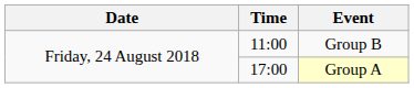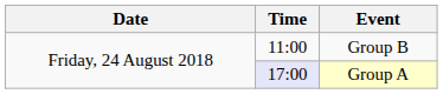 <table class="wikitable" style="text-align:center;">
 <tr>
 <th width="220">Date</th>
 <th width="50">Time</th>
 <th width="100">Event</th>
 </tr>
 <tr>
 <td rowspan="2">Friday, 24 August 2018</td>
 <td>11:00</td>
 <td>Group B</td>
 </tr>
 <tr>
-<td>17:00</td>
+<td style="background: lavender;">17:00</td>
 <td bgcolor="#ffffcc">Group A</td>
 </tr>
 </table>
